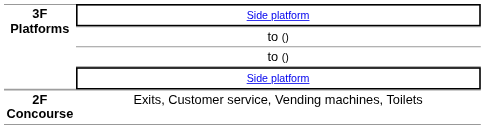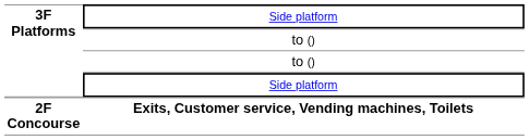 <table table border=0 cellspacing=0 cellpadding=3>
 <tr>
 <td style="border-bottom:solid 1px gray; border-top:solid 1px gray;text-align:center" rowspan="4" valign=top><strong>3F<br>Platforms</strong></td>
 <td style="border-right:solid 2px black;border-left:solid 2px black;border-top:solid 2px black;border-bottom:solid 2px black;text-align:center;" colspan=2><small><a href='#'>Side platform</a></small></td>
 </tr>
 <tr>
 <td style="border-bottom:solid 1px gray; border-top:solid 1px gray;text-align:center;">  to  <small>()</small></td>
 </tr>
 <tr>
 <td style="border-bottom:solid 1px gray;text-align:center;"> to  <small>()</small> </td>
 </tr>
 <tr>
 <td style="border-right:solid 2px black;border-left:solid 2px black;border-top:solid 2px black;border-bottom:solid 2px black;text-align:center;" colspan=2><small><a href='#'>Side platform</a></small></td>
 </tr>
 <tr>
 <td style="border-bottom:solid 1px gray; border-top:solid 1px gray;text-align:center" valign=top><strong>2F<br>Concourse</strong></td>
-<td style="border-bottom:solid 1px gray; border-top:solid 1px gray;text-align:center;" valign=top width=500>Exits, Customer service, Vending machines, Toilets</td>
+<td style="border-bottom:solid 1px gray; border-top:solid 1px gray;text-align:center;" valign=top width=500><strong>Exits, Customer service, Vending machines, Toilets</strong></td>
 </tr>
 </table>
